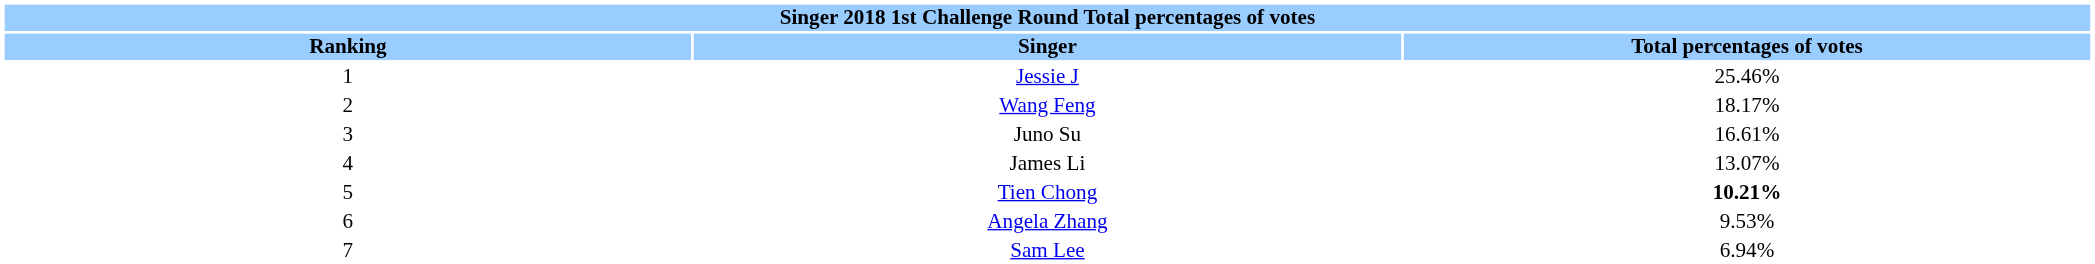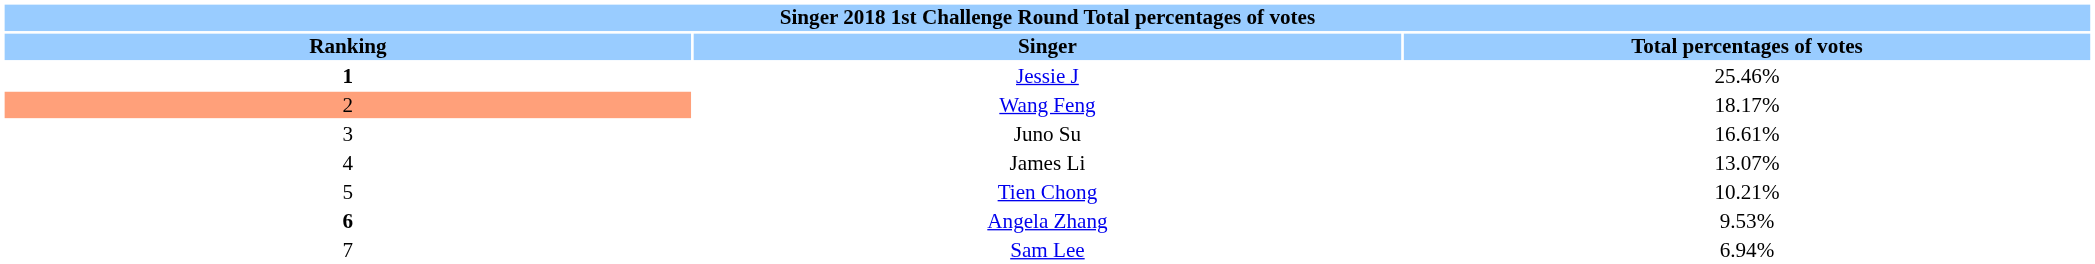 <table width="100%" style="text-align:center">
 <tr style="background:#99CCFF">
 <td colspan="3"><div><strong>Singer 2018 1st Challenge Round Total percentages of votes</strong></div></td>
 </tr>
 <tr style="background:#99CCFF">
 <td style="width:33%"><strong>Ranking</strong></td>
 <td style="width:34%"><strong>Singer</strong></td>
 <td style="width:33%"><strong>Total percentages of votes</strong></td>
 </tr>
 <tr>
-<td>1</td>
+<td><strong>1</strong></td>
 <td><a href='#'>Jessie J</a></td>
 <td>25.46%</td>
 </tr>
 <tr>
-<td>2</td>
+<td style="background: lightsalmon;">2</td>
 <td><a href='#'>Wang Feng</a></td>
 <td>18.17%</td>
 </tr>
 <tr>
 <td>3</td>
 <td>Juno Su</td>
 <td>16.61%</td>
 </tr>
 <tr>
 <td>4</td>
 <td>James Li</td>
 <td>13.07%</td>
 </tr>
 <tr>
 <td>5</td>
 <td><a href='#'>Tien Chong</a></td>
-<td><strong>10.21%</strong></td>
+<td>10.21%</td>
 </tr>
 <tr>
-<td>6</td>
+<td><strong>6</strong></td>
 <td><a href='#'>Angela Zhang</a></td>
 <td>9.53%</td>
 </tr>
 <tr>
 <td>7</td>
 <td><a href='#'>Sam Lee</a></td>
 <td>6.94%</td>
 </tr>
 </table>
